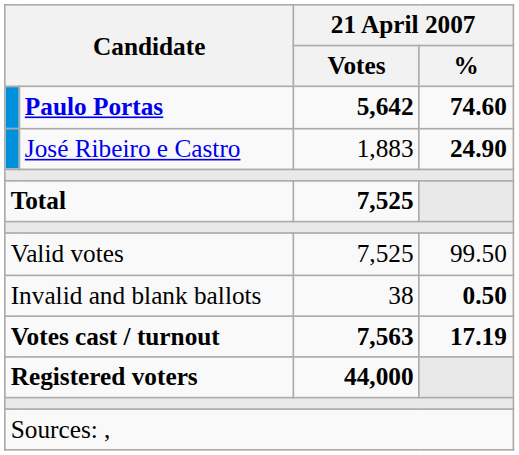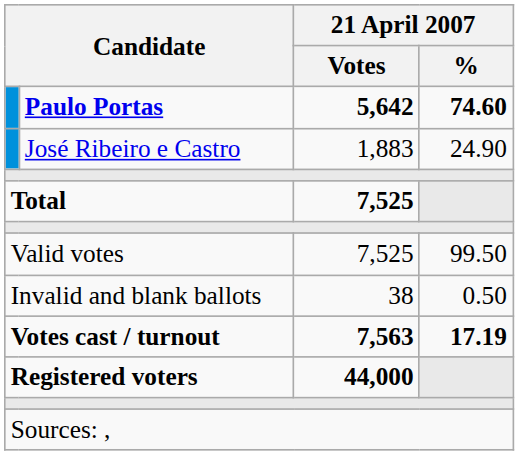 <table class="wikitable" style="text-align:right; font-size:97%;">
 <tr>
 <th rowspan="2" colspan="2" width="170">Candidate</th>
 <th colspan="2">21 April 2007</th>
 </tr>
 <tr>
 <th width="70">Votes</th>
 <th width="50">%</th>
 </tr>
 <tr>
 <td style="color:inherit;background:#0091DC"></td>
 <td align="left"><strong><a href='#'>Paulo Portas</a></strong></td>
 <td><strong>5,642</strong></td>
 <td><strong>74.60</strong></td>
 </tr>
 <tr>
 <td style="color:inherit;background:#0091DC"></td>
 <td align="left"><a href='#'>José Ribeiro e Castro</a></td>
 <td>1,883</td>
-<td><strong>24.90</strong></td>
+<td>24.90</td>
 </tr>
 <tr>
 <td colspan="4" bgcolor="#E9E9E9"></td>
 </tr>
 <tr style="font-weight:bold;">
 <td align="left" colspan="2">Total</td>
 <td>7,525</td>
 <td bgcolor="#E9E9E9"></td>
 </tr>
 <tr>
 <td colspan="4" bgcolor="#E9E9E9"></td>
 </tr>
 <tr>
 <td align="left" colspan="2">Valid votes</td>
 <td>7,525</td>
 <td>99.50</td>
 </tr>
 <tr>
 <td align="left" colspan="2">Invalid and blank ballots</td>
 <td>38</td>
-<td><strong>0.50</strong></td>
+<td>0.50</td>
 </tr>
 <tr style="font-weight:bold;">
 <td align="left" colspan="2">Votes cast / turnout</td>
 <td>7,563</td>
 <td>17.19</td>
 </tr>
 <tr style="font-weight:bold;">
 <td align="left" colspan="2">Registered voters</td>
 <td>44,000</td>
 <td bgcolor="#E9E9E9"></td>
 </tr>
 <tr>
 <td colspan="4" bgcolor="#E9E9E9"></td>
 </tr>
 <tr>
 <td align="left" colspan="6">Sources: , </td>
 </tr>
 </table>
